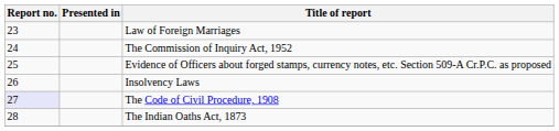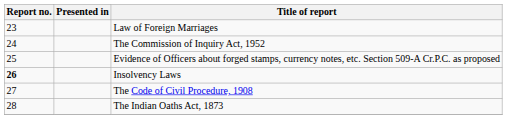 <table class="wikitable">
 <tr>
 <th>Report no.</th>
 <th>Presented in</th>
 <th>Title of report</th>
 </tr>
 <tr>
 <td>23</td>
 <td></td>
 <td>Law of Foreign Marriages</td>
 </tr>
 <tr>
 <td>24</td>
 <td></td>
 <td>The Commission of Inquiry Act, 1952</td>
 </tr>
 <tr>
 <td>25</td>
 <td></td>
 <td>Evidence of Officers about forged stamps, currency notes, etc. Section 509-A Cr.P.C. as proposed</td>
 </tr>
 <tr>
-<td>26</td>
+<td><strong>26</strong></td>
 <td></td>
 <td>Insolvency Laws</td>
 </tr>
 <tr>
-<td style="background: lavender;">27</td>
+<td>27</td>
 <td></td>
 <td>The <a href='#'>Code of Civil Procedure, 1908</a></td>
 </tr>
 <tr>
 <td>28</td>
 <td></td>
 <td>The Indian Oaths Act, 1873</td>
 </tr>
 <tr>
 </tr>
 </table>
